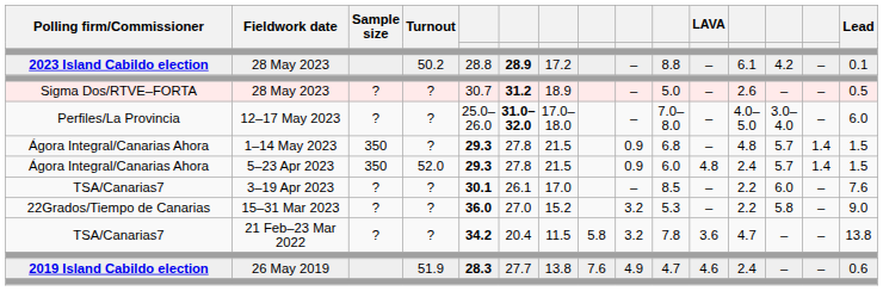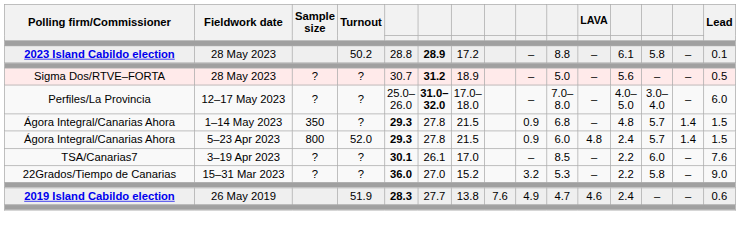 <table class="wikitable collapsible collapsed" style="text-align:center; font-size:95%; line-height:16px;">
 <tr style="height:42px;">
 <th style="width:250px;" rowspan="2">Polling firm/Commissioner</th>
 <th style="width:125px;" rowspan="2">Fieldwork date</th>
 <th style="width:50px;" rowspan="2">Sample size</th>
 <th style="width:45px;" rowspan="2">Turnout</th>
 <th style="width:35px;"></th>
 <th style="width:35px;"></th>
 <th style="width:35px;"></th>
 <th style="width:35px;"></th>
 <th style="width:35px;"></th>
 <th style="width:35px;"></th>
 <th style="width:35px; font-size:95%;">LAVA</th>
 <th style="width:35px;"></th>
 <th style="width:35px;"></th>
 <th style="width:35px;"></th>
 <th style="width:30px;" rowspan="2">Lead</th>
 </tr>
 <tr>
 <th style="color:inherit;background:"></th>
 <th style="color:inherit;background:"></th>
 <th style="color:inherit;background:"></th>
 <th style="color:inherit;background:"></th>
 <th style="color:inherit;background:"></th>
 <th style="color:inherit;background:"></th>
 <th style="color:inherit;background:"></th>
 <th style="color:inherit;background:"></th>
 <th style="color:inherit;background:"></th>
 <th style="color:inherit;background:"></th>
 </tr>
 <tr>
 <td colspan="15" style="background:#A0A0A0"></td>
 </tr>
 <tr style="background:#EFEFEF;">
 <td><strong><a href='#'>2023 Island Cabildo election</a></strong></td>
 <td>28 May 2023</td>
 <td></td>
 <td>50.2</td>
 <td>28.8<br></td>
 <td><strong>28.9</strong><br></td>
 <td>17.2<br></td>
 <td></td>
 <td>–</td>
 <td>8.8<br></td>
 <td>–</td>
 <td>6.1<br></td>
-<td>4.2<br></td>
+<td>5.8<br></td>
 <td>–</td>
 <td style="background:">0.1</td>
 </tr>
 <tr>
 <td colspan="15" style="background:#A0A0A0"></td>
 </tr>
 <tr style="background:#FFEAEA;">
 <td>Sigma Dos/RTVE–FORTA</td>
 <td>28 May 2023</td>
 <td>?</td>
 <td>?</td>
 <td>30.7<br></td>
 <td><strong>31.2</strong><br></td>
 <td>18.9<br></td>
 <td></td>
 <td>–</td>
 <td>5.0<br></td>
 <td>–</td>
-<td>2.6<br></td>
+<td>5.6<br></td>
 <td>–</td>
 <td>–</td>
 <td style="background:">0.5</td>
 </tr>
 <tr>
 <td>Perfiles/La Provincia</td>
 <td>12–17 May 2023</td>
 <td>?</td>
 <td>?</td>
 <td>25.0–<br>26.0<br></td>
 <td><strong>31.0–<br>32.0</strong><br></td>
 <td>17.0–<br>18.0<br></td>
 <td></td>
 <td>–</td>
 <td>7.0–<br>8.0<br></td>
 <td>–</td>
 <td>4.0–<br>5.0<br></td>
 <td>3.0–<br>4.0<br></td>
 <td>–</td>
 <td style="background:">6.0</td>
 </tr>
 <tr>
 <td>Ágora Integral/Canarias Ahora</td>
 <td>1–14 May 2023</td>
 <td>350</td>
 <td>?</td>
 <td><strong>29.3</strong><br></td>
 <td>27.8<br></td>
 <td>21.5<br></td>
 <td></td>
 <td>0.9<br></td>
 <td>6.8<br></td>
 <td>–</td>
 <td>4.8<br></td>
 <td>5.7<br></td>
 <td>1.4<br></td>
 <td style="background:">1.5</td>
 </tr>
 <tr>
 <td>Ágora Integral/Canarias Ahora</td>
 <td>5–23 Apr 2023</td>
-<td>350</td>
+<td>800</td>
 <td>52.0</td>
 <td><strong>29.3</strong><br></td>
 <td>27.8<br></td>
 <td>21.5<br></td>
 <td></td>
 <td>0.9<br></td>
 <td>6.0<br></td>
 <td>4.8<br></td>
 <td>2.4<br></td>
 <td>5.7<br></td>
 <td>1.4<br></td>
 <td style="background:">1.5</td>
 </tr>
 <tr>
 <td>TSA/Canarias7</td>
 <td>3–19 Apr 2023</td>
 <td>?</td>
 <td>?</td>
 <td><strong>30.1</strong><br></td>
 <td>26.1<br></td>
 <td>17.0<br></td>
 <td></td>
 <td>–</td>
 <td>8.5<br></td>
 <td>–</td>
 <td>2.2<br></td>
 <td>6.0<br></td>
 <td>–</td>
 <td style="background:">7.6</td>
 </tr>
 <tr>
 <td>22Grados/Tiempo de Canarias</td>
 <td>15–31 Mar 2023</td>
 <td>?</td>
 <td>?</td>
 <td><strong>36.0</strong><br></td>
 <td>27.0<br></td>
 <td>15.2<br></td>
 <td></td>
 <td>3.2<br></td>
 <td>5.3<br></td>
 <td>–</td>
 <td>2.2<br></td>
 <td>5.8<br></td>
 <td>–</td>
 <td style="background:">9.0</td>
 </tr>
 <tr>
-<td>TSA/Canarias7</td>
-<td>21 Feb–23 Mar 2022</td>
-<td>?</td>
-<td>?</td>
-<td><strong>34.2</strong><br></td>
-<td>20.4<br></td>
-<td>11.5<br></td>
-<td>5.8<br></td>
-<td>3.2<br></td>
-<td>7.8<br></td>
-<td>3.6<br></td>
-<td>4.7<br></td>
-<td>–</td>
-<td>–</td>
-<td style="background:">13.8</td>
-</tr>
-<tr>
 <td colspan="15" style="background:#A0A0A0"></td>
 </tr>
 <tr style="background:#EFEFEF;">
 <td><strong><a href='#'>2019 Island Cabildo election</a></strong></td>
 <td>26 May 2019</td>
 <td></td>
 <td>51.9</td>
 <td><strong>28.3</strong><br></td>
 <td>27.7<br></td>
 <td>13.8<br></td>
 <td>7.6<br></td>
 <td>4.9<br></td>
 <td>4.7<br></td>
 <td>4.6<br></td>
 <td>2.4<br></td>
 <td>–</td>
 <td>–</td>
 <td style="background:">0.6</td>
 </tr>
 <tr>
 <td colspan="15" style="background:#A0A0A0"></td>
 </tr>
 </table>
